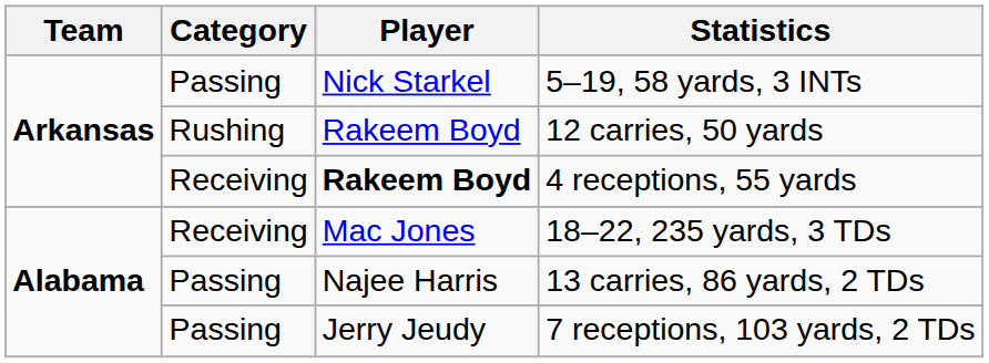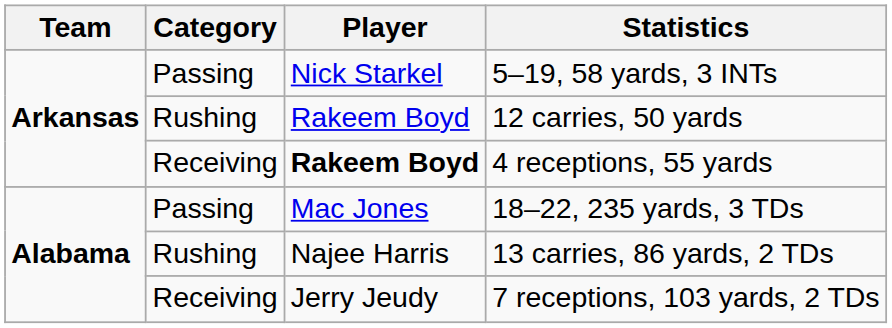 <table class="wikitable" style="float: right;">
 <tr>
 <th>Team</th>
 <th>Category</th>
 <th>Player</th>
 <th>Statistics</th>
 </tr>
 <tr>
 <td rowspan=3><strong>Arkansas</strong></td>
 <td>Passing</td>
 <td><a href='#'>Nick Starkel</a></td>
 <td>5–19, 58 yards, 3 INTs</td>
 </tr>
 <tr>
 <td>Rushing</td>
 <td><a href='#'>Rakeem Boyd</a></td>
 <td>12 carries, 50 yards</td>
 </tr>
 <tr>
 <td>Receiving</td>
 <td><strong>Rakeem Boyd</strong></td>
 <td>4 receptions, 55 yards</td>
 </tr>
 <tr>
 <td rowspan=3><strong>Alabama</strong></td>
-<td>Receiving</td>
+<td>Passing</td>
 <td><a href='#'>Mac Jones</a></td>
 <td>18–22, 235 yards, 3 TDs</td>
 </tr>
 <tr>
-<td>Passing</td>
+<td>Rushing</td>
 <td>Najee Harris</td>
 <td>13 carries, 86 yards, 2 TDs</td>
 </tr>
 <tr>
-<td>Passing</td>
+<td>Receiving</td>
 <td>Jerry Jeudy</td>
 <td>7 receptions, 103 yards, 2 TDs</td>
 </tr>
 </table>
